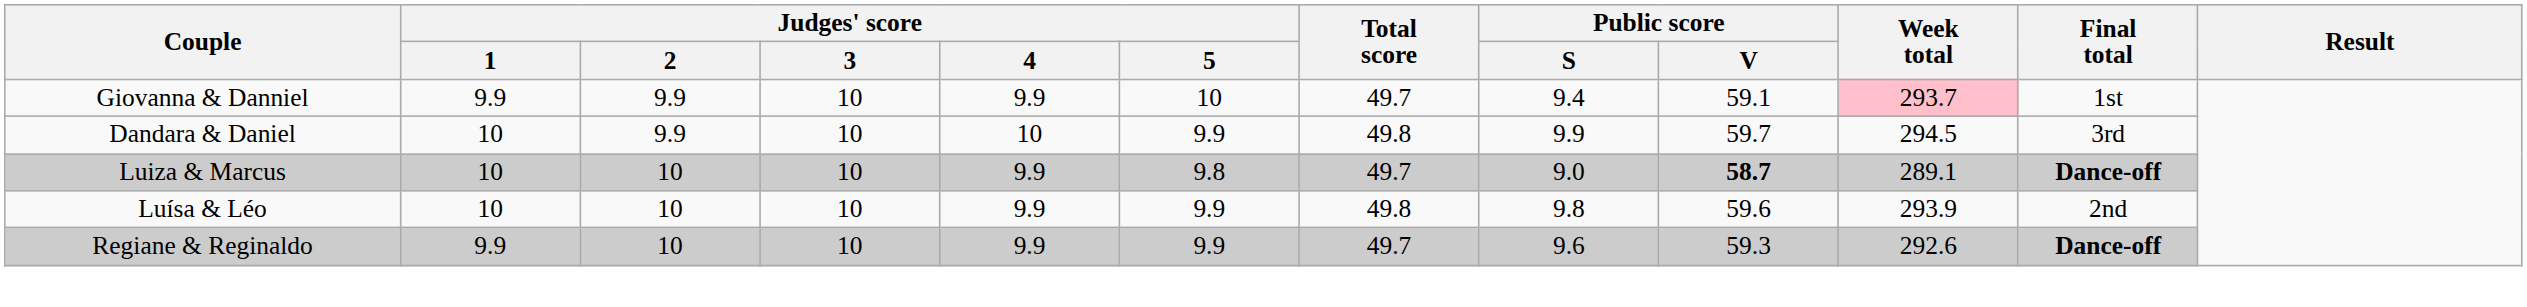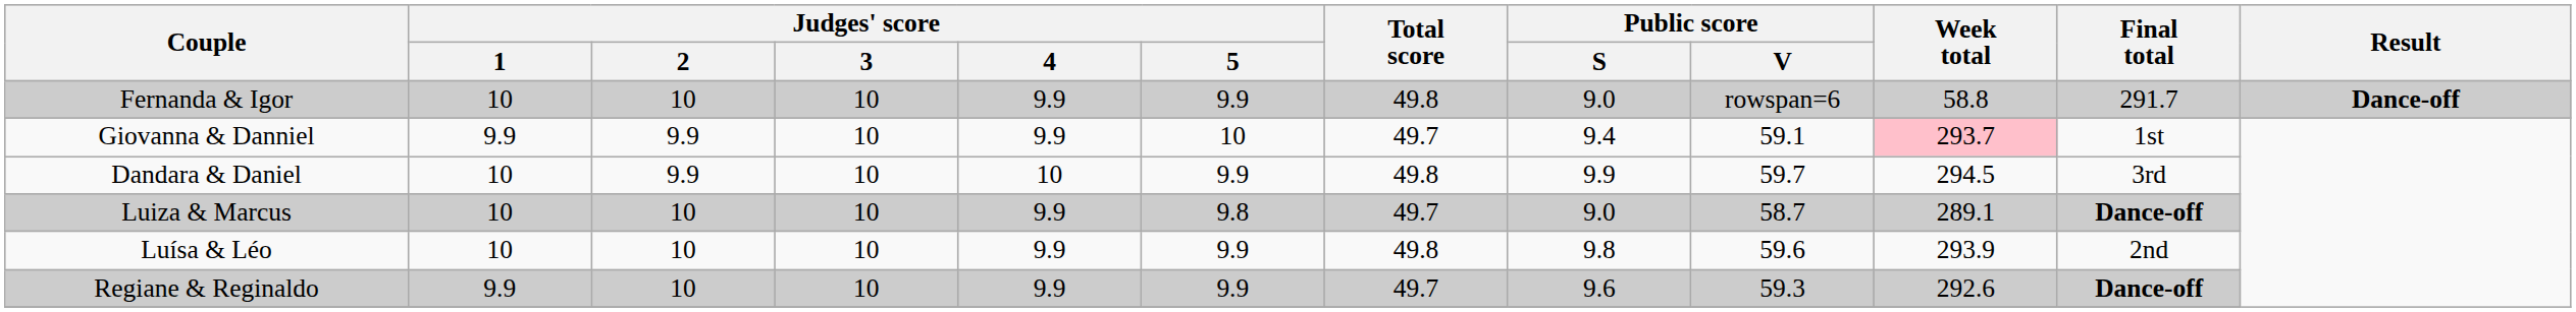 <table class="wikitable" style="font-size:100%; line-height:16px; text-align:center" width="100%">
 <tr>
 <th rowspan=2 width="11.0%">Couple</th>
 <th colspan=5 width="25.0%">Judges' score</th>
 <th rowspan=2 width="05.0%">Total<br>score</th>
 <th colspan=2 width="10.0%">Public score</th>
 <th rowspan=2 width="05.0%">Week<br>total</th>
 <th rowspan=2 width="05.0%">Final<br>total</th>
 <th rowspan=2 width="09.0%">Result<br></th>
 </tr>
 <tr>
 <th width="05.0%">1</th>
 <th width="05.0%">2</th>
 <th width="05.0%">3</th>
 <th width="05.0%">4</th>
 <th width="05.0%">5</th>
 <th width="05.0%">S</th>
 <th width="05.0%">V</th>
+</tr>
+<tr bgcolor=CCCCCC>
+<td>Fernanda & Igor</td>
+<td>10</td>
+<td>10</td>
+<td>10</td>
+<td>9.9</td>
+<td>9.9</td>
+<td>49.8</td>
+<td>9.0</td>
+<td>rowspan=6 </td>
+<td>58.8</td>
+<td>291.7</td>
+<td><strong>Dance-off</strong></td>
 </tr>
 <tr>
 <td>Giovanna & Danniel</td>
 <td>9.9</td>
 <td>9.9</td>
 <td>10</td>
 <td>9.9</td>
 <td>10</td>
 <td>49.7</td>
 <td>9.4</td>
 <td>59.1</td>
 <td style="background: pink;">293.7</td>
 <td>1st</td>
 </tr>
 <tr>
 <td>Dandara & Daniel</td>
 <td>10</td>
 <td>9.9</td>
 <td>10</td>
 <td>10</td>
 <td>9.9</td>
 <td>49.8</td>
 <td>9.9</td>
 <td>59.7</td>
 <td>294.5</td>
 <td>3rd</td>
 </tr>
 <tr bgcolor=CCCCCC>
 <td>Luiza & Marcus</td>
 <td>10</td>
 <td>10</td>
 <td>10</td>
 <td>9.9</td>
 <td>9.8</td>
 <td>49.7</td>
 <td>9.0</td>
-<td><strong>58.7</strong></td>
+<td>58.7</td>
 <td>289.1</td>
 <td><strong>Dance-off</strong></td>
 </tr>
 <tr>
 <td>Luísa & Léo</td>
 <td>10</td>
 <td>10</td>
 <td>10</td>
 <td>9.9</td>
 <td>9.9</td>
 <td>49.8</td>
 <td>9.8</td>
 <td>59.6</td>
 <td>293.9</td>
 <td>2nd</td>
 </tr>
 <tr bgcolor=CCCCCC>
 <td>Regiane & Reginaldo</td>
 <td>9.9</td>
 <td>10</td>
 <td>10</td>
 <td>9.9</td>
 <td>9.9</td>
 <td>49.7</td>
 <td>9.6</td>
 <td>59.3</td>
 <td>292.6</td>
 <td><strong>Dance-off</strong></td>
 </tr>
 <tr>
 </tr>
 </table>
